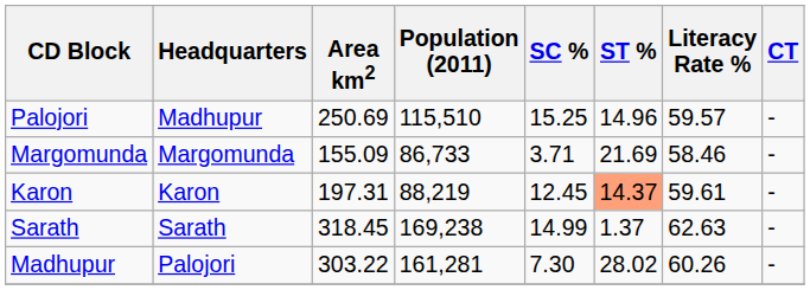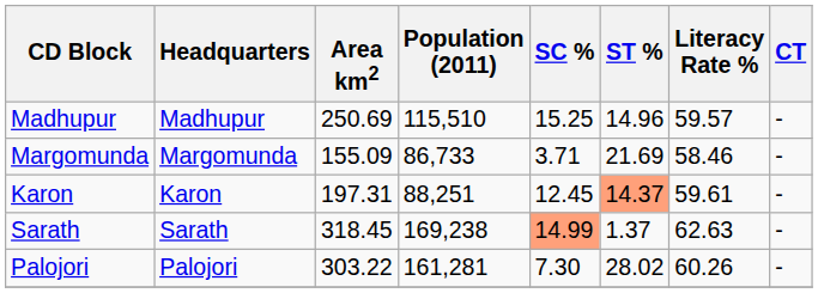 <table class="wikitable sortable">
 <tr>
 <th>CD Block</th>
 <th>Headquarters</th>
 <th><br>Area<br>km<sup>2</sup></th>
 <th>Population<br>(2011)</th>
 <th><a href='#'>SC</a> %</th>
 <th><a href='#'>ST</a> %</th>
 <th>Literacy<br> Rate %</th>
 <th><a href='#'>CT</a></th>
 </tr>
 <tr>
-<td><a href='#'>Palojori</a></td>
+<td><a href='#'>Madhupur</a></td>
 <td><a href='#'>Madhupur</a></td>
 <td>250.69</td>
 <td>115,510</td>
 <td>15.25</td>
 <td>14.96</td>
 <td>59.57</td>
 <td>-</td>
 </tr>
 <tr>
 <td><a href='#'>Margomunda</a></td>
 <td><a href='#'>Margomunda</a></td>
 <td>155.09</td>
 <td>86,733</td>
 <td>3.71</td>
 <td>21.69</td>
 <td>58.46</td>
 <td>-</td>
 </tr>
 <tr>
 <td><a href='#'>Karon</a></td>
 <td><a href='#'>Karon</a></td>
 <td>197.31</td>
-<td>88,219</td>
+<td>88,251</td>
 <td>12.45</td>
 <td style="background: lightsalmon;">14.37</td>
 <td>59.61</td>
 <td>-</td>
 </tr>
 <tr>
 <td><a href='#'>Sarath</a></td>
 <td><a href='#'>Sarath</a></td>
 <td>318.45</td>
 <td>169,238</td>
-<td>14.99</td>
+<td style="background: lightsalmon;">14.99</td>
 <td>1.37</td>
 <td>62.63</td>
 <td>-</td>
 </tr>
 <tr>
-<td><a href='#'>Madhupur</a></td>
+<td><a href='#'>Palojori</a></td>
 <td><a href='#'>Palojori</a></td>
 <td>303.22</td>
 <td>161,281</td>
 <td>7.30</td>
 <td>28.02</td>
 <td>60.26</td>
 <td>-</td>
 </tr>
 <tr>
 </tr>
 </table>
